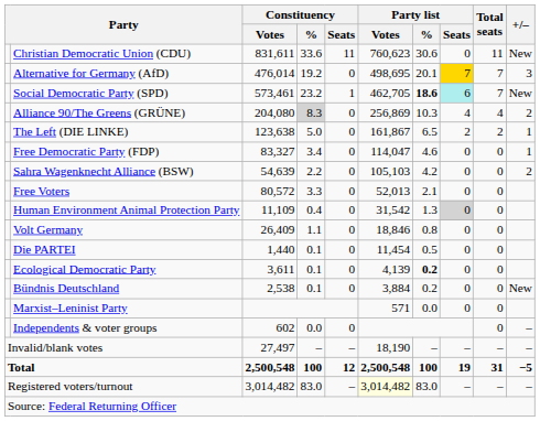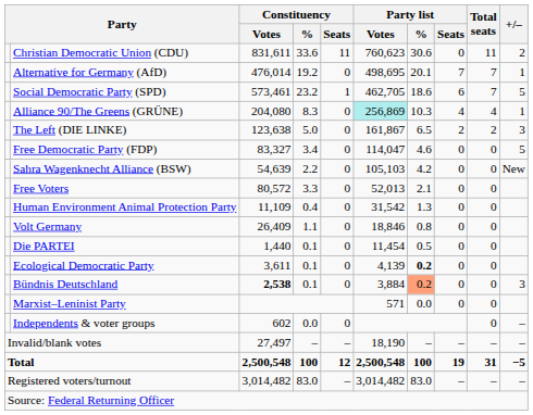 <table class="wikitable" style="text-align:right">
 <tr>
 <th colspan="2" rowspan="2">Party</th>
 <th colspan="3">Constituency</th>
 <th colspan="3">Party list</th>
 <th rowspan="2">Total<br>seats</th>
 <th rowspan="2">+/–</th>
 </tr>
 <tr>
 <th>Votes</th>
 <th>%</th>
 <th>Seats</th>
 <th>Votes</th>
 <th>%</th>
 <th>Seats</th>
 </tr>
 <tr>
 <td></td>
 <td align="left"><a href='#'>Christian Democratic Union</a> (CDU)</td>
 <td>831,611</td>
 <td>33.6</td>
 <td>11</td>
 <td>760,623</td>
 <td>30.6</td>
 <td>0</td>
 <td>11</td>
-<td>New</td>
+<td> 2</td>
 </tr>
 <tr>
 <td></td>
 <td align="left"><a href='#'>Alternative for Germany</a> (AfD)</td>
 <td>476,014</td>
 <td>19.2</td>
 <td>0</td>
 <td>498,695</td>
 <td>20.1</td>
-<td style="background: gold;">7</td>
 <td>7</td>
-<td> 3</td>
+<td>7</td>
+<td> 1</td>
 </tr>
 <tr>
 <td></td>
 <td align="left"><a href='#'>Social Democratic Party</a> (SPD)</td>
 <td>573,461</td>
 <td>23.2</td>
 <td>1</td>
 <td>462,705</td>
-<td><strong>18.6</strong></td>
-<td style="background: paleturquoise;">6</td>
+<td>18.6</td>
+<td>6</td>
 <td>7</td>
-<td>New</td>
+<td> 5</td>
 </tr>
 <tr>
 <td></td>
 <td align="left"><a href='#'>Alliance 90/The Greens</a> (GRÜNE)</td>
 <td>204,080</td>
-<td style="background: lightgrey;">8.3</td>
+<td>8.3</td>
 <td>0</td>
-<td>256,869</td>
+<td style="background: paleturquoise;">256,869</td>
 <td>10.3</td>
 <td>4</td>
 <td>4</td>
-<td> 2</td>
+<td> 1</td>
 </tr>
 <tr>
 <td></td>
 <td align="left"><a href='#'>The Left</a> (DIE LINKE)</td>
 <td>123,638</td>
 <td>5.0</td>
 <td>0</td>
 <td>161,867</td>
 <td>6.5</td>
 <td>2</td>
 <td>2</td>
-<td> 1</td>
+<td> 3</td>
 </tr>
 <tr>
 <td></td>
 <td align="left"><a href='#'>Free Democratic Party</a> (FDP)</td>
 <td>83,327</td>
 <td>3.4</td>
 <td>0</td>
 <td>114,047</td>
 <td>4.6</td>
 <td>0</td>
 <td>0</td>
-<td> 1</td>
+<td> 5</td>
 </tr>
 <tr>
 <td style="background-color:"></td>
 <td align="left"><a href='#'>Sahra Wagenknecht Alliance</a> (BSW)</td>
 <td>54,639</td>
 <td>2.2</td>
 <td>0</td>
 <td>105,103</td>
 <td>4.2</td>
 <td>0</td>
 <td>0</td>
-<td> 2</td>
+<td>New</td>
 </tr>
 <tr>
 <td style="background-color:"></td>
 <td align="left"><a href='#'>Free Voters</a></td>
 <td>80,572</td>
 <td>3.3</td>
 <td>0</td>
 <td>52,013</td>
 <td>2.1</td>
 <td>0</td>
 <td>0</td>
 <td></td>
 </tr>
 <tr>
 <td style="background-color:"></td>
 <td align="left"><a href='#'>Human Environment Animal Protection Party</a></td>
 <td>11,109</td>
 <td>0.4</td>
 <td>0</td>
 <td>31,542</td>
 <td>1.3</td>
-<td style="background: lightgrey;">0</td>
+<td>0</td>
 <td>0</td>
 <td></td>
 </tr>
 <tr>
 <td style="background-color:"></td>
 <td align="left"><a href='#'>Volt Germany</a></td>
 <td>26,409</td>
 <td>1.1</td>
 <td>0</td>
 <td>18,846</td>
 <td>0.8</td>
 <td>0</td>
 <td>0</td>
 <td></td>
 </tr>
 <tr>
 <td style="background-color:"></td>
 <td align="left"><a href='#'>Die PARTEI</a></td>
 <td>1,440</td>
 <td>0.1</td>
 <td>0</td>
 <td>11,454</td>
 <td>0.5</td>
 <td>0</td>
 <td>0</td>
 <td></td>
 </tr>
 <tr>
 <td style="background-color:"></td>
 <td align="left"><a href='#'>Ecological Democratic Party</a></td>
 <td>3,611</td>
 <td>0.1</td>
 <td>0</td>
 <td>4,139</td>
 <td><strong>0.2</strong></td>
 <td>0</td>
 <td>0</td>
 <td></td>
 </tr>
 <tr>
 <td style="background-color:"></td>
 <td align="left"><a href='#'>Bündnis Deutschland</a></td>
-<td>2,538</td>
+<td><strong>2,538</strong></td>
 <td>0.1</td>
 <td>0</td>
 <td>3,884</td>
-<td>0.2</td>
+<td style="background: lightsalmon;">0.2</td>
 <td>0</td>
 <td>0</td>
-<td>New</td>
+<td> 3</td>
 </tr>
 <tr>
 <td style="background-color:"></td>
 <td align="left"><a href='#'>Marxist–Leninist Party</a></td>
 <td colspan="3"></td>
 <td>571</td>
 <td>0.0</td>
 <td>0</td>
 <td>0</td>
 <td></td>
 </tr>
 <tr>
 <td style="background-color:"></td>
 <td align="left"><a href='#'>Independents</a> & voter groups</td>
 <td>602</td>
 <td>0.0</td>
 <td>0</td>
 <td colspan="3"></td>
 <td>0</td>
 <td>–</td>
 </tr>
 <tr>
 <td colspan="2" align="left">Invalid/blank votes</td>
 <td>27,497</td>
 <td>–</td>
 <td>–</td>
 <td>18,190</td>
 <td>–</td>
 <td>–</td>
 <td>–</td>
 <td>–</td>
 </tr>
 <tr>
 <td colspan="2" align="left"><strong>Total</strong></td>
 <td><strong>2,500,548</strong></td>
 <td><strong>100</strong></td>
 <td><strong>12</strong></td>
 <td><strong>2,500,548</strong></td>
 <td><strong>100</strong></td>
 <td><strong>19</strong></td>
 <td><strong>31</strong></td>
 <td><strong>−5</strong></td>
 </tr>
 <tr>
 <td colspan="2" align="left">Registered voters/turnout</td>
 <td>3,014,482</td>
 <td>83.0</td>
 <td>–</td>
-<td style="background: lightyellow;">3,014,482</td>
+<td>3,014,482</td>
 <td>83.0</td>
 <td>–</td>
 <td>–</td>
 <td>–</td>
 </tr>
 <tr>
 <td colspan="10" align="left">Source: <a href='#'>Federal Returning Officer</a></td>
 </tr>
 </table>
